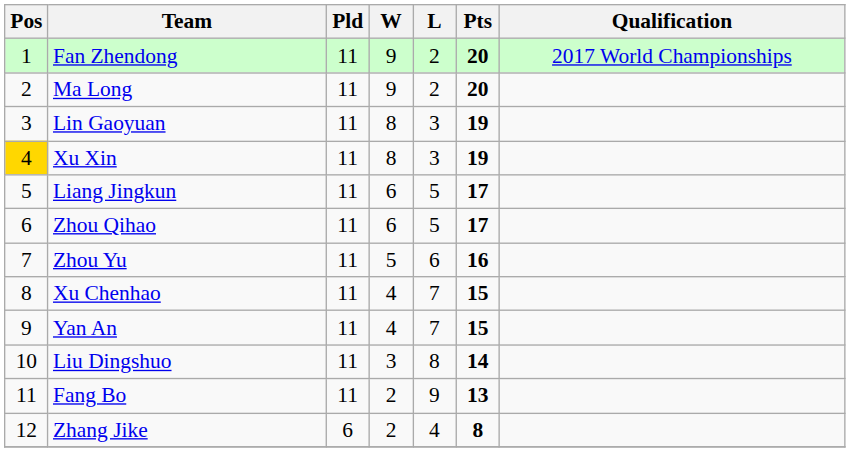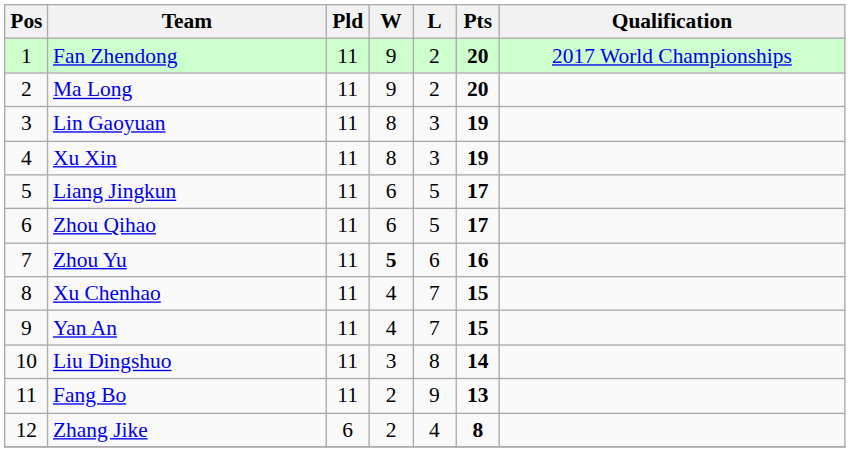 <table class="wikitable" style="text-align:center">
 <tr>
 <th width=25>Pos</th>
 <th width=200>Team</th>
 <th width=25>Pld</th>
 <th width=25>W</th>
 <th width=25>L</th>
 <th width=25>Pts</th>
 <th width=250>Qualification</th>
 </tr>
 <tr bgcolor=ccffcc>
 <td>1</td>
 <td style="text-align:left;"><a href='#'>Fan Zhendong</a></td>
 <td>11</td>
 <td>9</td>
 <td>2</td>
 <td><strong>20</strong></td>
 <td style="text-align:center;"><a href='#'>2017 World Championships</a></td>
 </tr>
 <tr>
 <td>2</td>
 <td style="text-align:left;"><a href='#'>Ma Long</a></td>
 <td>11</td>
 <td>9</td>
 <td>2</td>
 <td><strong>20</strong></td>
 <td></td>
 </tr>
 <tr>
 <td>3</td>
 <td style="text-align:left;"><a href='#'>Lin Gaoyuan</a></td>
 <td>11</td>
 <td>8</td>
 <td>3</td>
 <td><strong>19</strong></td>
 <td></td>
 </tr>
 <tr>
-<td style="background: gold;">4</td>
+<td>4</td>
 <td style="text-align:left;"><a href='#'>Xu Xin</a></td>
 <td>11</td>
 <td>8</td>
 <td>3</td>
 <td><strong>19</strong></td>
 <td></td>
 </tr>
 <tr>
 <td>5</td>
 <td style="text-align:left;"><a href='#'>Liang Jingkun</a></td>
 <td>11</td>
 <td>6</td>
 <td>5</td>
 <td><strong>17</strong></td>
 <td></td>
 </tr>
 <tr>
 <td>6</td>
 <td style="text-align:left;"><a href='#'>Zhou Qihao</a></td>
 <td>11</td>
 <td>6</td>
 <td>5</td>
 <td><strong>17</strong></td>
 <td></td>
 </tr>
 <tr>
 <td>7</td>
 <td style="text-align:left;"><a href='#'>Zhou Yu</a></td>
 <td>11</td>
-<td>5</td>
+<td><strong>5</strong></td>
 <td>6</td>
 <td><strong>16</strong></td>
 <td></td>
 </tr>
 <tr>
 <td>8</td>
 <td style="text-align:left;"><a href='#'>Xu Chenhao</a></td>
 <td>11</td>
 <td>4</td>
 <td>7</td>
 <td><strong>15</strong></td>
 <td></td>
 </tr>
 <tr>
 <td>9</td>
 <td style="text-align:left;"><a href='#'>Yan An</a></td>
 <td>11</td>
 <td>4</td>
 <td>7</td>
 <td><strong>15</strong></td>
 <td></td>
 </tr>
 <tr>
 <td>10</td>
 <td style="text-align:left;"><a href='#'>Liu Dingshuo</a></td>
 <td>11</td>
 <td>3</td>
 <td>8</td>
 <td><strong>14</strong></td>
 <td></td>
 </tr>
 <tr>
 <td>11</td>
 <td style="text-align:left;"><a href='#'>Fang Bo</a></td>
 <td>11</td>
 <td>2</td>
 <td>9</td>
 <td><strong>13</strong></td>
 <td></td>
 </tr>
 <tr>
 <td>12</td>
 <td style="text-align:left;"><a href='#'>Zhang Jike</a></td>
 <td>6</td>
 <td>2</td>
 <td>4</td>
 <td><strong>8</strong></td>
 <td></td>
 </tr>
 <tr>
 </tr>
 </table>
